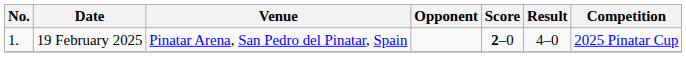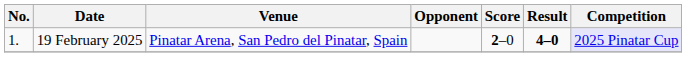 <table class="wikitable">
 <tr>
 <th>No.</th>
 <th>Date</th>
 <th>Venue</th>
 <th>Opponent</th>
 <th>Score</th>
 <th>Result</th>
 <th>Competition</th>
 </tr>
 <tr>
 <td>1.</td>
 <td>19 February 2025</td>
 <td><a href='#'>Pinatar Arena</a>, <a href='#'>San Pedro del Pinatar</a>, <a href='#'>Spain</a></td>
 <td></td>
 <td align=center><strong>2</strong>–0</td>
-<td align=center>4–0</td>
-<td><a href='#'>2025 Pinatar Cup</a></td>
+<td align=center><strong>4–0</strong></td>
+<td style="background: lavender;"><a href='#'>2025 Pinatar Cup</a></td>
 </tr>
 <tr>
 </tr>
 </table>
